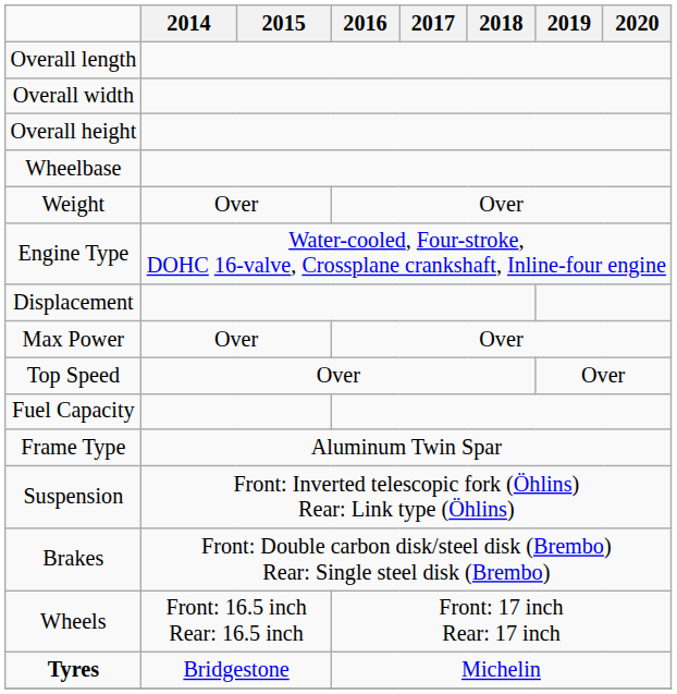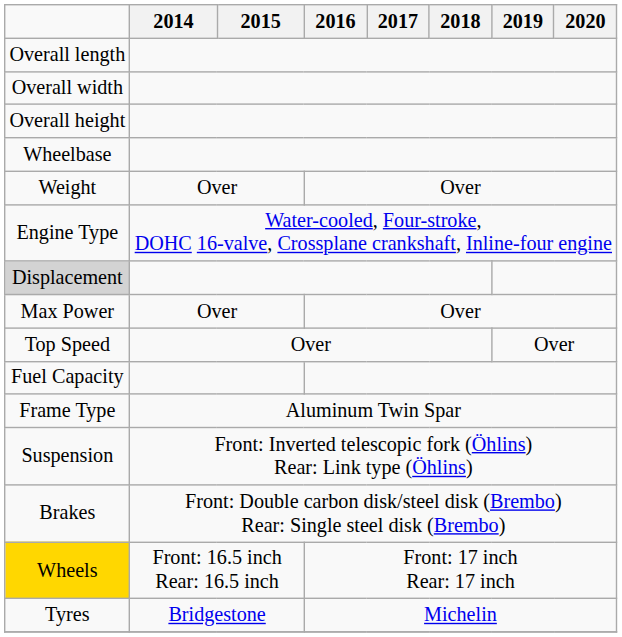 <table class="wikitable" style="text-align:center; font-size: 90%;">
 <tr>
 <td></td>
 <th>2014</th>
 <th>2015</th>
 <th>2016</th>
 <th>2017</th>
 <th>2018</th>
 <th>2019</th>
 <th>2020</th>
 </tr>
 <tr>
 <td>Overall length</td>
 <td colspan=7></td>
 </tr>
 <tr>
 <td>Overall width</td>
 <td colspan=7></td>
 </tr>
 <tr>
 <td>Overall height</td>
 <td colspan=7></td>
 </tr>
 <tr>
 <td>Wheelbase</td>
 <td colspan=7></td>
 </tr>
 <tr>
 <td>Weight</td>
 <td colspan=2>Over </td>
 <td colspan=5>Over </td>
 </tr>
 <tr>
 <td>Engine Type</td>
 <td colspan=7><a href='#'>Water-cooled</a>, <a href='#'>Four-stroke</a>,<br><a href='#'>DOHC</a> <a href='#'>16-valve</a>, <a href='#'>Crossplane crankshaft</a>, <a href='#'>Inline-four engine</a></td>
 </tr>
 <tr>
-<td>Displacement</td>
+<td style="background: lightgrey;">Displacement</td>
 <td colspan=5></td>
 <td colspan=2></td>
 </tr>
 <tr>
 <td>Max Power</td>
 <td colspan=2>Over </td>
 <td colspan=5>Over </td>
 </tr>
 <tr>
 <td>Top Speed</td>
 <td colspan=5>Over </td>
 <td colspan=2>Over </td>
 </tr>
 <tr>
 <td>Fuel Capacity</td>
 <td colspan=2></td>
 <td colspan=5></td>
 </tr>
 <tr>
 <td>Frame Type</td>
 <td colspan=7>Aluminum Twin Spar</td>
 </tr>
 <tr>
 <td>Suspension</td>
 <td colspan=7>Front: Inverted telescopic fork (<a href='#'>Öhlins</a>)<br>Rear: Link type (<a href='#'>Öhlins</a>)</td>
 </tr>
 <tr>
 <td>Brakes</td>
 <td colspan=7>Front: Double carbon disk/steel disk (<a href='#'>Brembo</a>)<br>Rear: Single steel disk (<a href='#'>Brembo</a>)</td>
 </tr>
 <tr>
-<td>Wheels</td>
+<td style="background: gold;">Wheels</td>
 <td colspan=2>Front: 16.5 inch<br>Rear: 16.5 inch</td>
 <td colspan=5>Front: 17 inch<br>Rear: 17 inch</td>
 </tr>
 <tr>
-<td><strong>Tyres</strong></td>
+<td>Tyres</td>
 <td colspan=2><a href='#'>Bridgestone</a></td>
 <td colspan=5><a href='#'>Michelin</a></td>
 </tr>
 <tr>
 </tr>
 </table>
